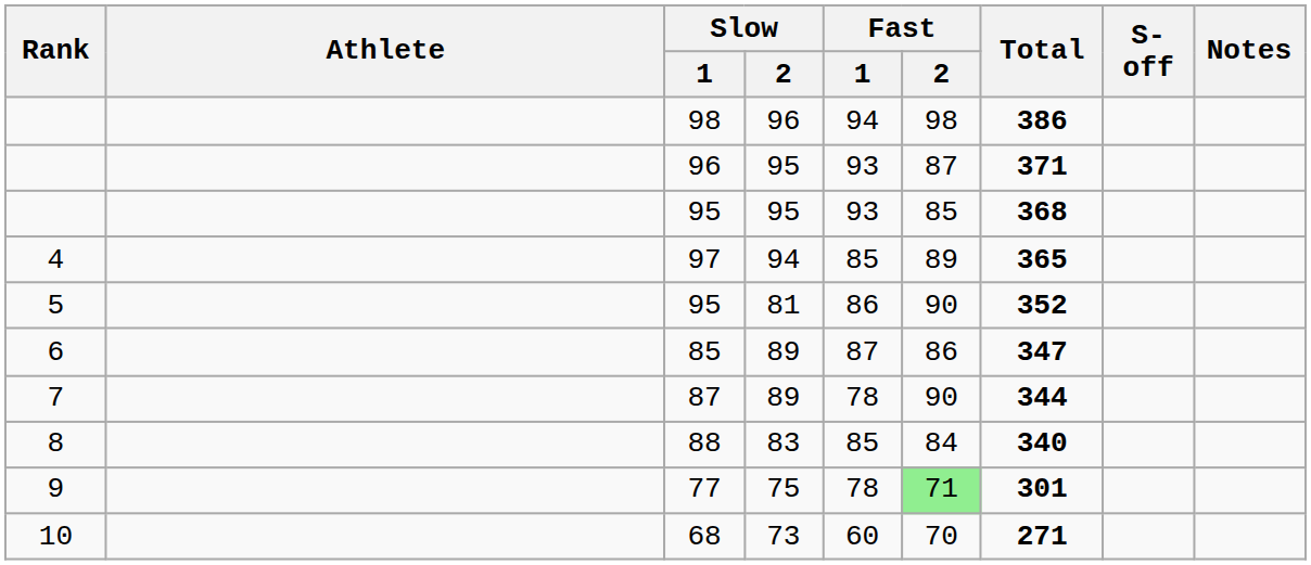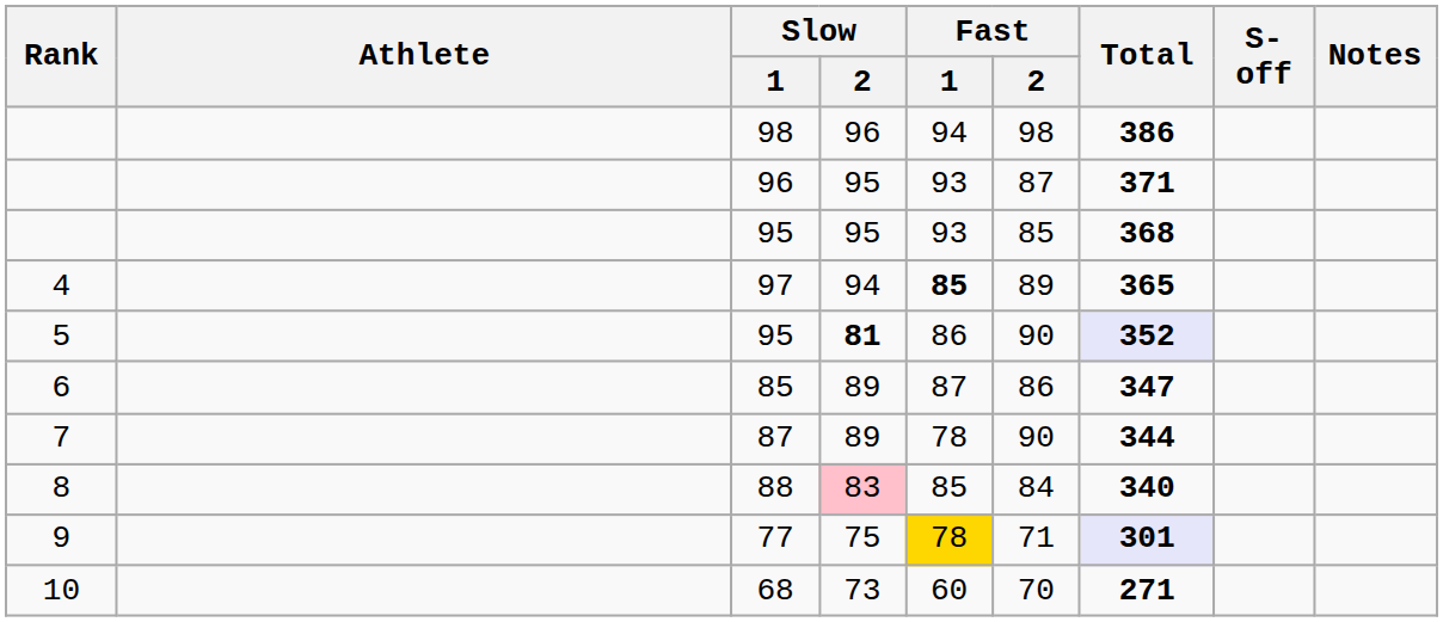 <table class="wikitable" style="text-align:center">
 <tr>
 <th rowspan=2 width=40>Rank</th>
 <th rowspan=2 width=250>Athlete</th>
 <th colspan=2>Slow</th>
 <th colspan=2>Fast</th>
 <th rowspan=2 width=50>Total</th>
 <th rowspan=2 width=35>S-off</th>
 <th rowspan=2 width=45>Notes</th>
 </tr>
 <tr>
 <th width=30>1</th>
 <th width=30>2</th>
 <th width=30>1</th>
 <th width=30>2</th>
 </tr>
 <tr>
 <td></td>
 <td align=left></td>
 <td>98</td>
 <td>96</td>
 <td>94</td>
 <td>98</td>
 <td><strong>386</strong></td>
 <td></td>
 <td></td>
 </tr>
 <tr>
 <td></td>
 <td align=left></td>
 <td>96</td>
 <td>95</td>
 <td>93</td>
 <td>87</td>
 <td><strong>371</strong></td>
 <td></td>
 <td></td>
 </tr>
 <tr>
 <td></td>
 <td align=left></td>
 <td>95</td>
 <td>95</td>
 <td>93</td>
 <td>85</td>
 <td><strong>368</strong></td>
 <td></td>
 <td></td>
 </tr>
 <tr>
 <td>4</td>
 <td align=left></td>
 <td>97</td>
 <td>94</td>
-<td>85</td>
+<td><strong>85</strong></td>
 <td>89</td>
 <td><strong>365</strong></td>
 <td></td>
 <td></td>
 </tr>
 <tr>
 <td>5</td>
 <td align=left></td>
 <td>95</td>
-<td>81</td>
+<td><strong>81</strong></td>
 <td>86</td>
 <td>90</td>
-<td><strong>352</strong></td>
+<td style="background: lavender;"><strong>352</strong></td>
 <td></td>
 <td></td>
 </tr>
 <tr>
 <td>6</td>
 <td align=left></td>
 <td>85</td>
 <td>89</td>
 <td>87</td>
 <td>86</td>
 <td><strong>347</strong></td>
 <td></td>
 <td></td>
 </tr>
 <tr>
 <td>7</td>
 <td align=left></td>
 <td>87</td>
 <td>89</td>
 <td>78</td>
 <td>90</td>
 <td><strong>344</strong></td>
 <td></td>
 <td></td>
 </tr>
 <tr>
 <td>8</td>
 <td align=left></td>
 <td>88</td>
-<td>83</td>
+<td style="background: pink;">83</td>
 <td>85</td>
 <td>84</td>
 <td><strong>340</strong></td>
 <td></td>
 <td></td>
 </tr>
 <tr>
 <td>9</td>
 <td align=left></td>
 <td>77</td>
 <td>75</td>
-<td>78</td>
-<td style="background: lightgreen;">71</td>
-<td><strong>301</strong></td>
+<td style="background: gold;">78</td>
+<td>71</td>
+<td style="background: lavender;"><strong>301</strong></td>
 <td></td>
 <td></td>
 </tr>
 <tr>
 <td>10</td>
 <td align=left></td>
 <td>68</td>
 <td>73</td>
 <td>60</td>
 <td>70</td>
 <td><strong>271</strong></td>
 <td></td>
 <td></td>
 </tr>
 </table>
